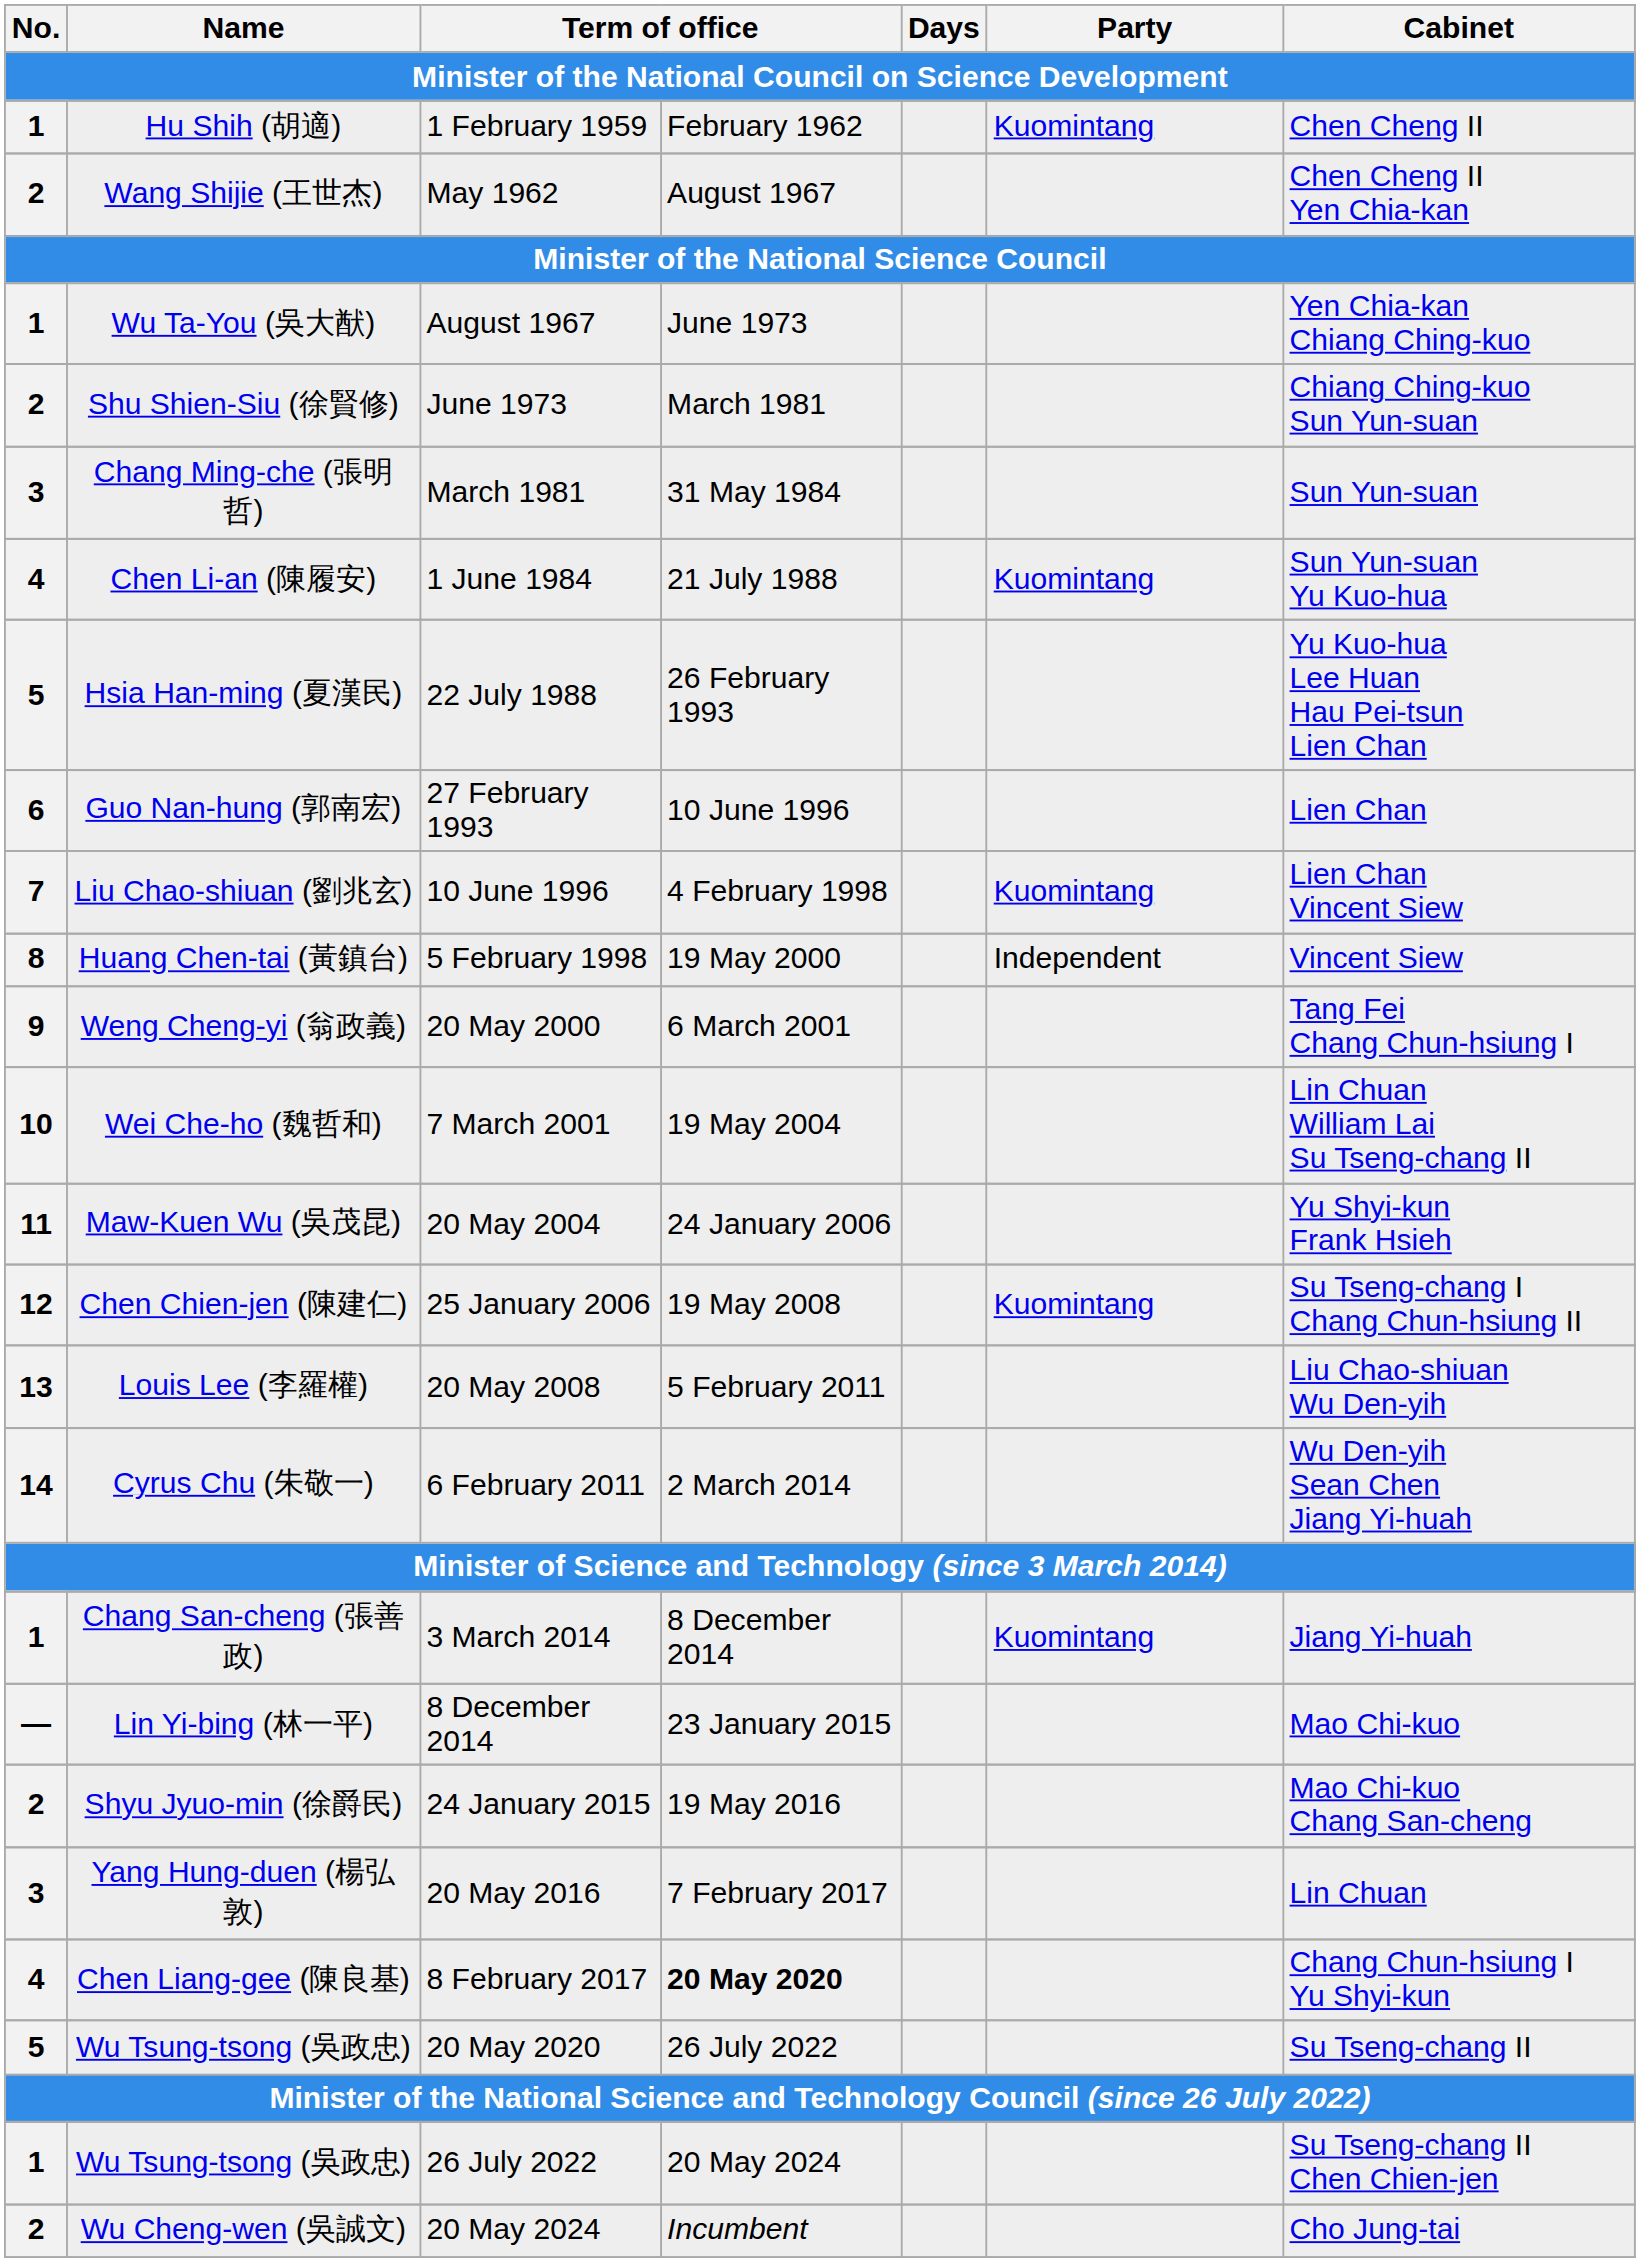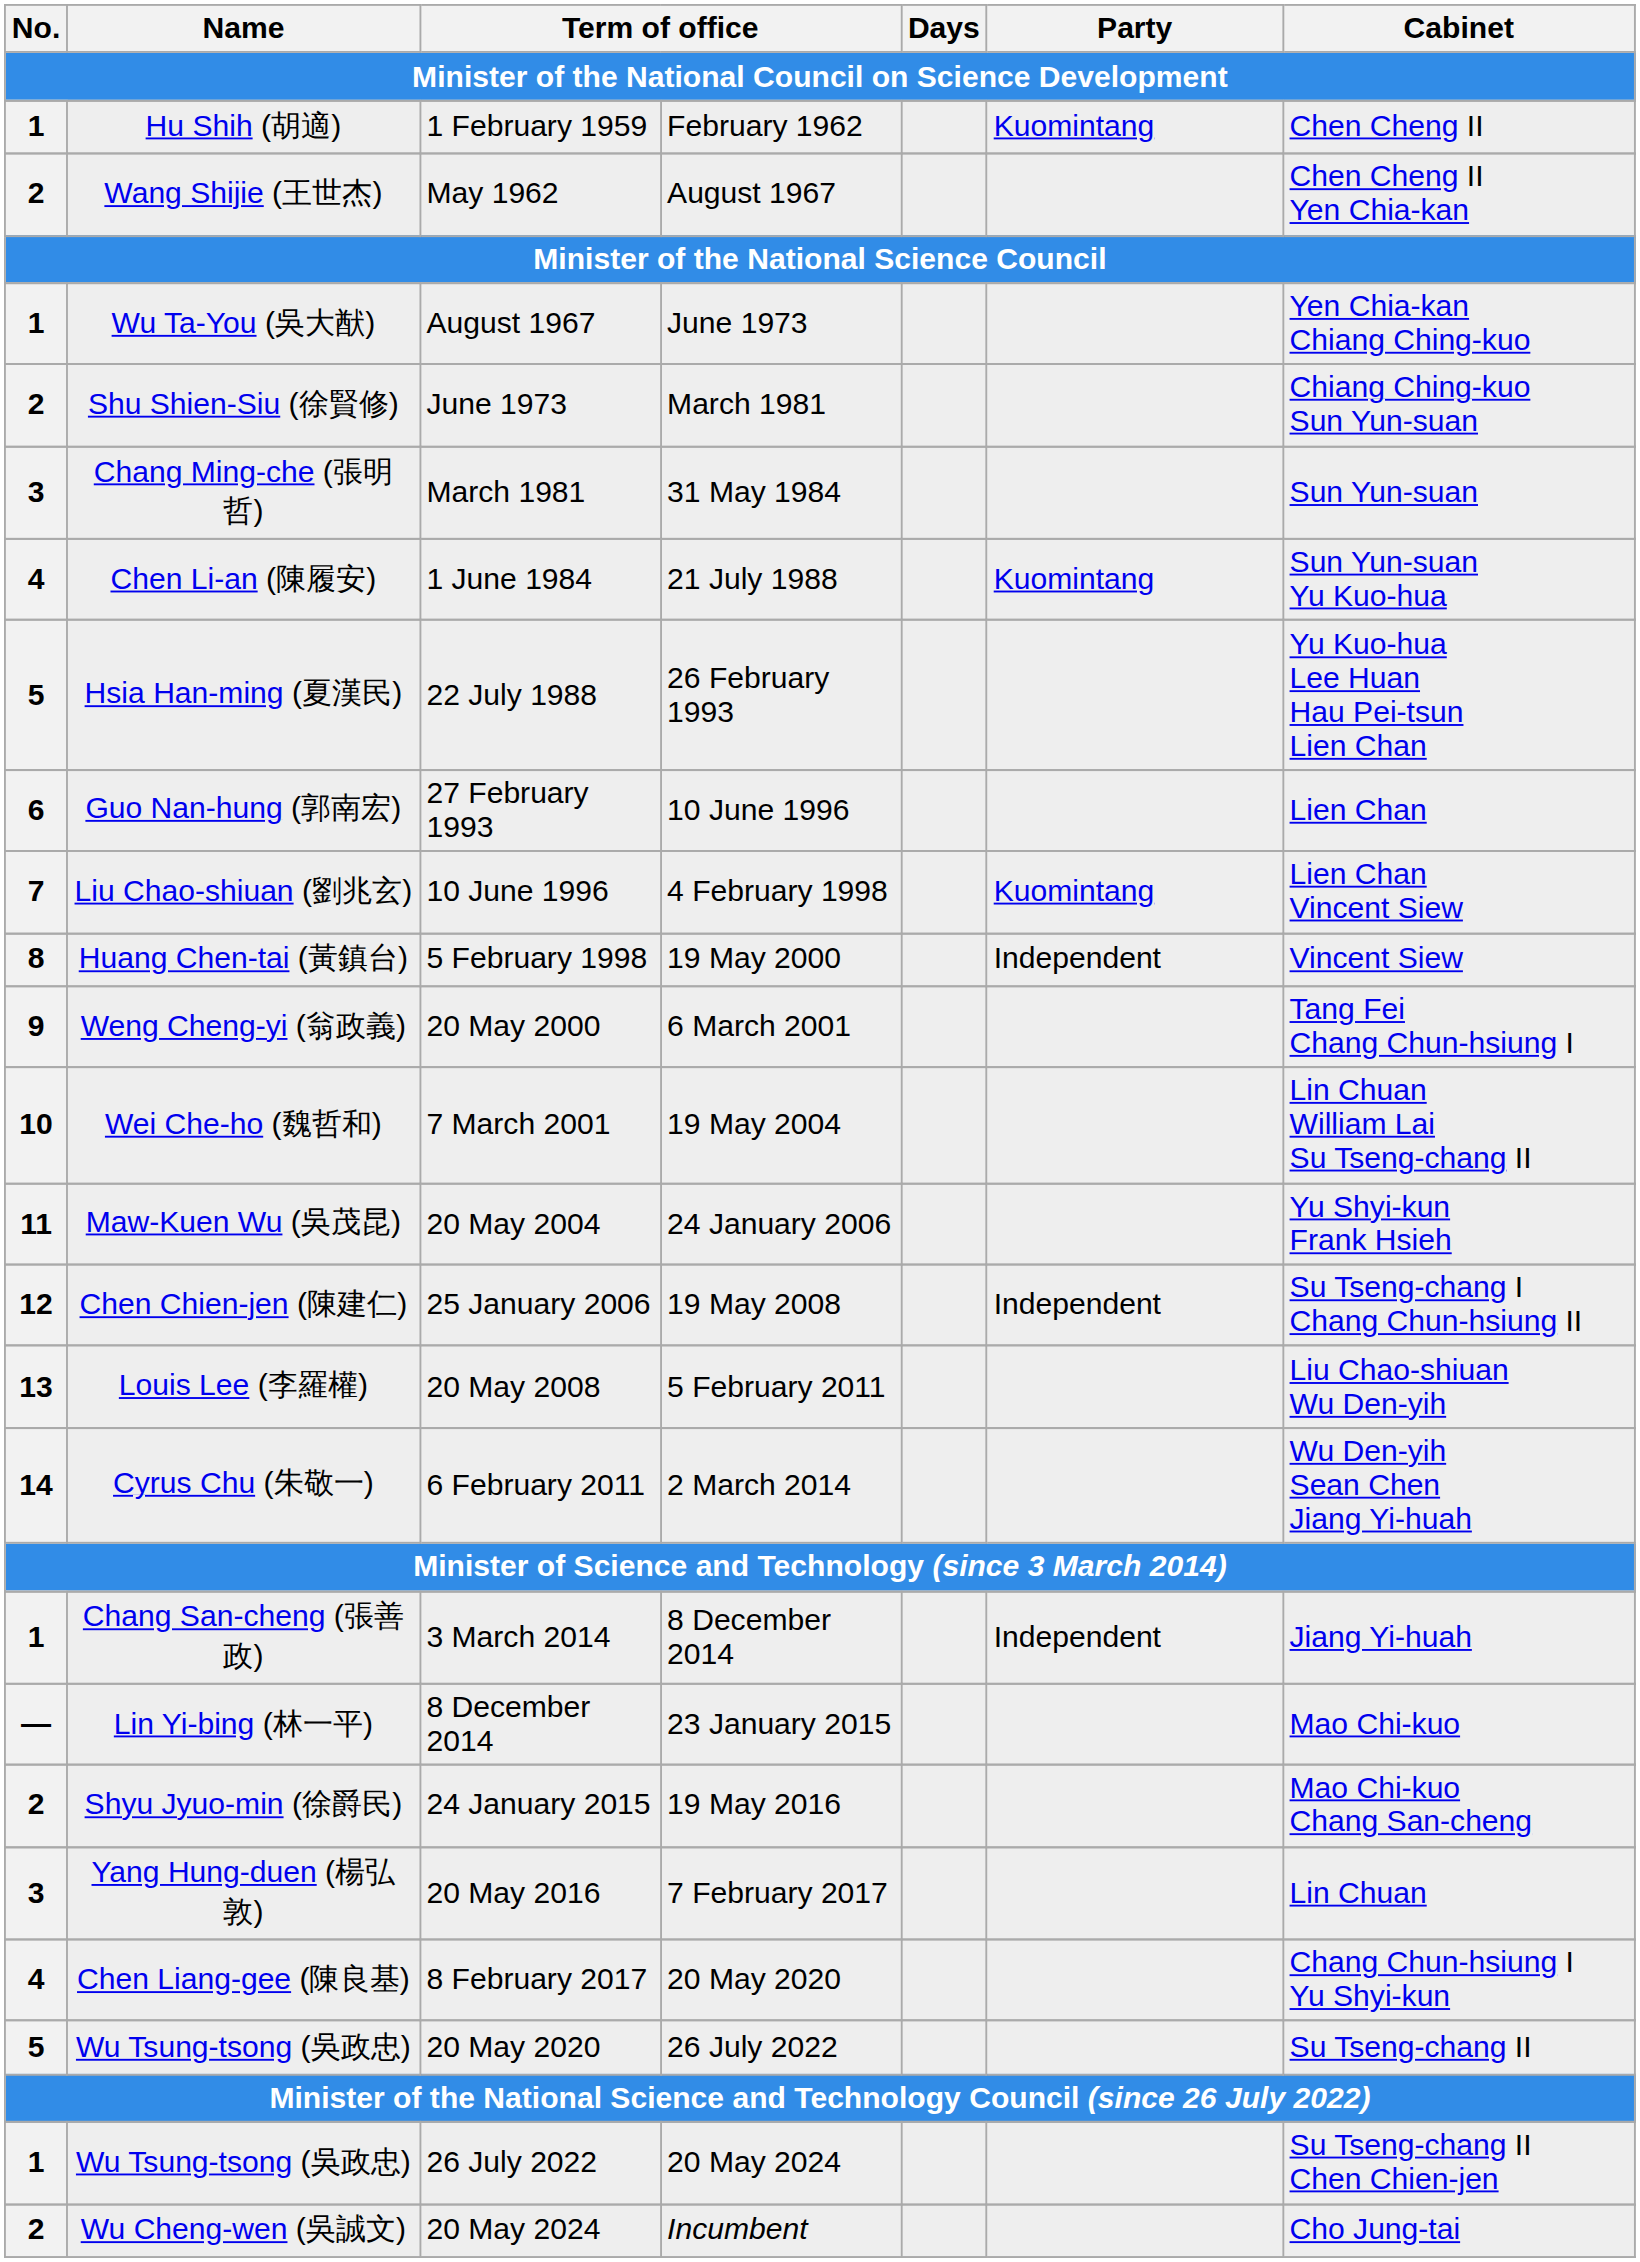 <table class="wikitable">
 <tr ->
 <th>No.</th>
 <th width="180">Name</th>
 <th colspan=2 width="180">Term of office</th>
 <th>Days</th>
 <th width="150">Party</th>
 <th width="180">Cabinet</th>
 </tr>
 <tr ->
 <th colspan=7 style="background:#318CE7; color:white;">Minister of the National Council on Science Development</th>
 </tr>
 <tr ->
 </tr>
 <tr - bgcolor=#EEEEEE>
 <th style="background:">1</th>
 <td align=center><a href='#'>Hu Shih</a> (胡適)</td>
 <td>1 February 1959</td>
 <td>February 1962</td>
 <td></td>
 <td><a href='#'>Kuomintang</a></td>
 <td><a href='#'>Chen Cheng</a> II</td>
 </tr>
 <tr ->
 </tr>
 <tr - bgcolor=#EEEEEE>
 <th style="background:">2</th>
 <td align=center><a href='#'>Wang Shijie</a> (王世杰)</td>
 <td>May 1962</td>
 <td>August 1967</td>
 <td></td>
 <td></td>
 <td><a href='#'>Chen Cheng</a> II<br><a href='#'>Yen Chia-kan</a></td>
 </tr>
 <tr ->
 <th colspan=7 style="background:#318CE7; color:white;">Minister of the National Science Council</th>
 </tr>
 <tr ->
 </tr>
 <tr - bgcolor=#EEEEEE>
 <th style="background:">1</th>
 <td align=center><a href='#'>Wu Ta-You</a> (吳大猷)</td>
 <td>August 1967</td>
 <td>June 1973</td>
 <td></td>
 <td></td>
 <td><a href='#'>Yen Chia-kan</a><br><a href='#'>Chiang Ching-kuo</a></td>
 </tr>
 <tr ->
 </tr>
 <tr - bgcolor=#EEEEEE>
 <th style="background:">2</th>
 <td align=center><a href='#'>Shu Shien-Siu</a> (徐賢修)</td>
 <td>June 1973</td>
 <td>March 1981</td>
 <td></td>
 <td></td>
 <td><a href='#'>Chiang Ching-kuo</a><br><a href='#'>Sun Yun-suan</a></td>
 </tr>
 <tr ->
 </tr>
 <tr - bgcolor=#EEEEEE>
 <th style="background:">3</th>
 <td align=center><a href='#'>Chang Ming-che</a> (張明哲)</td>
 <td>March 1981</td>
 <td>31 May 1984</td>
 <td></td>
 <td></td>
 <td><a href='#'>Sun Yun-suan</a></td>
 </tr>
 <tr ->
 </tr>
 <tr - bgcolor=#EEEEEE>
 <th style="background:">4</th>
 <td align=center><a href='#'>Chen Li-an</a> (陳履安)</td>
 <td>1 June 1984</td>
 <td>21 July 1988</td>
 <td></td>
 <td><a href='#'>Kuomintang</a></td>
 <td><a href='#'>Sun Yun-suan</a><br><a href='#'>Yu Kuo-hua</a></td>
 </tr>
 <tr ->
 </tr>
 <tr - bgcolor=#EEEEEE>
 <th style="background:">5</th>
 <td align=center><a href='#'>Hsia Han-ming</a> (夏漢民)</td>
 <td>22 July 1988</td>
 <td>26 February 1993</td>
 <td></td>
 <td></td>
 <td><a href='#'>Yu Kuo-hua</a><br><a href='#'>Lee Huan</a><br><a href='#'>Hau Pei-tsun</a><br><a href='#'>Lien Chan</a></td>
 </tr>
 <tr ->
 </tr>
 <tr - bgcolor=#EEEEEE>
 <th style="background:">6</th>
 <td align=center><a href='#'>Guo Nan-hung</a> (郭南宏)</td>
 <td>27 February 1993</td>
 <td>10 June 1996</td>
 <td></td>
 <td></td>
 <td><a href='#'>Lien Chan</a></td>
 </tr>
 <tr ->
 </tr>
 <tr - bgcolor=#EEEEEE>
 <th style="background:">7</th>
 <td align=center><a href='#'>Liu Chao-shiuan</a> (劉兆玄)</td>
 <td>10 June 1996</td>
 <td>4 February 1998</td>
 <td></td>
 <td><a href='#'>Kuomintang</a></td>
 <td><a href='#'>Lien Chan</a><br><a href='#'>Vincent Siew</a></td>
 </tr>
 <tr ->
 </tr>
 <tr - bgcolor=#EEEEEE>
 <th style="background:">8</th>
 <td align=center><a href='#'>Huang Chen-tai</a> (黃鎮台)</td>
 <td>5 February 1998</td>
 <td>19 May 2000</td>
 <td></td>
 <td>Independent</td>
 <td><a href='#'>Vincent Siew</a></td>
 </tr>
 <tr ->
 </tr>
 <tr - bgcolor=#EEEEEE>
 <th style="background:">9</th>
 <td align=center><a href='#'>Weng Cheng-yi</a> (翁政義)</td>
 <td>20 May 2000</td>
 <td>6 March 2001</td>
 <td></td>
 <td></td>
 <td><a href='#'>Tang Fei</a><br><a href='#'>Chang Chun-hsiung</a> I</td>
 </tr>
 <tr ->
 </tr>
 <tr - bgcolor=#EEEEEE>
 <th style="background:">10</th>
 <td align=center><a href='#'>Wei Che-ho</a> (魏哲和)</td>
 <td>7 March 2001</td>
 <td>19 May 2004</td>
 <td></td>
 <td></td>
 <td><a href='#'>Lin Chuan</a><br><a href='#'>William Lai</a><br><a href='#'>Su Tseng-chang</a> II</td>
 </tr>
 <tr ->
 </tr>
 <tr - bgcolor=#EEEEEE>
 <th style="background:">11</th>
 <td align=center><a href='#'>Maw-Kuen Wu</a> (吳茂昆)</td>
 <td>20 May 2004</td>
 <td>24 January 2006</td>
 <td></td>
 <td></td>
 <td><a href='#'>Yu Shyi-kun</a><br><a href='#'>Frank Hsieh</a></td>
 </tr>
 <tr ->
 </tr>
 <tr - bgcolor=#EEEEEE>
 <th style="background:">12</th>
 <td align=center><a href='#'>Chen Chien-jen</a> (陳建仁)</td>
 <td>25 January 2006</td>
 <td>19 May 2008</td>
 <td></td>
-<td><a href='#'>Kuomintang</a></td>
+<td>Independent</td>
 <td><a href='#'>Su Tseng-chang</a> I<br><a href='#'>Chang Chun-hsiung</a> II</td>
 </tr>
 <tr ->
 </tr>
 <tr - bgcolor=#EEEEEE>
 <th style="background:">13</th>
 <td align=center><a href='#'>Louis Lee</a> (李羅權)</td>
 <td>20 May 2008</td>
 <td>5 February 2011</td>
 <td></td>
 <td></td>
 <td><a href='#'>Liu Chao-shiuan</a><br><a href='#'>Wu Den-yih</a></td>
 </tr>
 <tr ->
 </tr>
 <tr - bgcolor=#EEEEEE>
 <th style="background:">14</th>
 <td align=center><a href='#'>Cyrus Chu</a> (朱敬一)</td>
 <td>6 February 2011</td>
 <td>2 March 2014</td>
 <td></td>
 <td></td>
 <td><a href='#'>Wu Den-yih</a><br><a href='#'>Sean Chen</a><br><a href='#'>Jiang Yi-huah</a></td>
 </tr>
 <tr ->
 <th colspan=7 style="background:#318CE7; color:white;">Minister of Science and Technology <em>(since 3 March 2014)</em></th>
 </tr>
 <tr ->
 </tr>
 <tr - bgcolor=#EEEEEE>
 <th style="background:">1</th>
 <td align=center><a href='#'>Chang San-cheng</a> (張善政)</td>
 <td>3 March 2014</td>
 <td>8 December 2014</td>
 <td></td>
-<td><a href='#'>Kuomintang</a></td>
+<td>Independent</td>
 <td><a href='#'>Jiang Yi-huah</a></td>
 </tr>
 <tr ->
 </tr>
 <tr - bgcolor=#EEEEEE>
 <th style="background:">—</th>
 <td align=center><a href='#'>Lin Yi-bing</a> (林一平)</td>
 <td>8 December 2014</td>
 <td>23 January 2015</td>
 <td></td>
 <td></td>
 <td><a href='#'>Mao Chi-kuo</a></td>
 </tr>
 <tr ->
 </tr>
 <tr - bgcolor=#EEEEEE>
 <th style="background:">2</th>
 <td align=center><a href='#'>Shyu Jyuo-min</a> (徐爵民)</td>
 <td>24 January 2015</td>
 <td>19 May 2016</td>
 <td></td>
 <td></td>
 <td><a href='#'>Mao Chi-kuo</a><br><a href='#'>Chang San-cheng</a></td>
 </tr>
 <tr ->
 </tr>
 <tr - bgcolor=#EEEEEE>
 <th style="background:">3</th>
 <td align=center><a href='#'>Yang Hung-duen</a> (楊弘敦)</td>
 <td>20 May 2016</td>
 <td>7 February 2017</td>
 <td></td>
 <td></td>
 <td><a href='#'>Lin Chuan</a></td>
 </tr>
 <tr ->
 </tr>
 <tr - bgcolor=#EEEEEE>
 <th style="background:">4</th>
 <td align=center><a href='#'>Chen Liang-gee</a> (陳良基)</td>
 <td>8 February 2017</td>
-<td><strong>20 May 2020</strong></td>
+<td>20 May 2020</td>
 <td></td>
 <td></td>
 <td><a href='#'>Chang Chun-hsiung</a> I<br><a href='#'>Yu Shyi-kun</a></td>
 </tr>
 <tr ->
 </tr>
 <tr - bgcolor=#EEEEEE>
 <th style="background:">5</th>
 <td align=center><a href='#'>Wu Tsung-tsong</a> (吳政忠)</td>
 <td>20 May 2020</td>
 <td>26 July 2022</td>
 <td></td>
 <td></td>
 <td><a href='#'>Su Tseng-chang</a> II</td>
 </tr>
 <tr ->
 <th colspan=7 style="background:#318CE7; color:white;">Minister of the National Science and Technology Council <em>(since 26 July 2022)</em></th>
 </tr>
 <tr ->
 </tr>
 <tr - bgcolor=#EEEEEE>
 <th style="background:">1</th>
 <td align=center><a href='#'>Wu Tsung-tsong</a> (吳政忠)</td>
 <td>26 July 2022</td>
 <td>20 May 2024</td>
 <td></td>
 <td></td>
 <td><a href='#'>Su Tseng-chang</a> II<br><a href='#'>Chen Chien-jen</a></td>
 </tr>
 <tr ->
 </tr>
 <tr - bgcolor=#EEEEEE>
 <th style="background:">2</th>
 <td align=center><a href='#'>Wu Cheng-wen</a> (吳誠文)</td>
 <td>20 May 2024</td>
 <td><em>Incumbent</em></td>
 <td></td>
 <td></td>
 <td><a href='#'>Cho Jung-tai</a></td>
 </tr>
 <tr ->
 </tr>
 </table>
